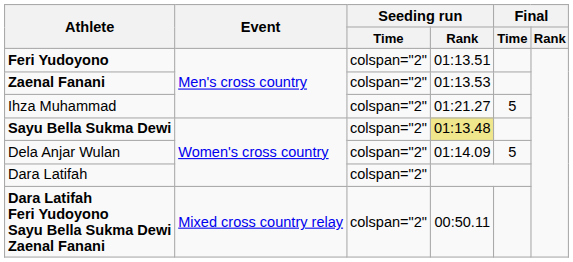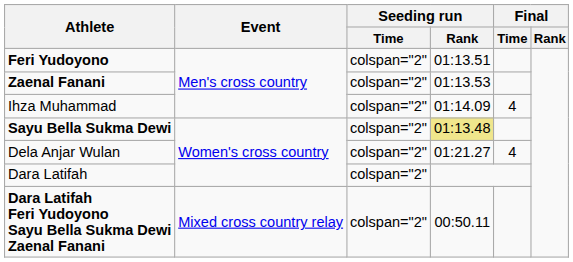 <table class="wikitable" style="font-size:85%">
 <tr>
 <th rowspan="2">Athlete</th>
 <th rowspan="2">Event</th>
 <th colspan="2">Seeding run</th>
 <th colspan="2">Final</th>
 </tr>
 <tr style="font-size:90%">
 <th>Time</th>
 <th>Rank</th>
 <th>Time</th>
 <th>Rank</th>
 </tr>
 <tr align="center">
 <td align="left"><strong>Feri Yudoyono</strong></td>
 <td align="left" rowspan="3"><a href='#'>Men's cross country</a></td>
 <td>colspan="2" </td>
 <td>01:13.51</td>
 <td></td>
 </tr>
 <tr align="center">
 <td align="left"><strong>Zaenal Fanani</strong></td>
 <td>colspan="2" </td>
 <td>01:13.53</td>
 <td></td>
 </tr>
 <tr align="center">
 <td align="left">Ihza Muhammad</td>
 <td>colspan="2" </td>
-<td>01:21.27</td>
-<td>5</td>
+<td>01:14.09</td>
+<td>4</td>
 </tr>
 <tr align="center">
 <td align="left"><strong>Sayu Bella Sukma Dewi</strong></td>
 <td align="left" rowspan="3"><a href='#'>Women's cross country</a></td>
 <td>colspan="2" </td>
 <td style="background: khaki;">01:13.48</td>
 <td></td>
 </tr>
 <tr align="center">
 <td align="left">Dela Anjar Wulan</td>
 <td>colspan="2" </td>
-<td>01:14.09</td>
-<td>5</td>
+<td>01:21.27</td>
+<td>4</td>
 </tr>
 <tr align="center">
 <td align="left">Dara Latifah</td>
 <td>colspan="2" </td>
 <td colspan="2"></td>
 </tr>
 <tr align="center">
 <td align="left"><strong>Dara Latifah<br>Feri Yudoyono<br>Sayu Bella Sukma Dewi<br>Zaenal Fanani</strong></td>
 <td align="left" rowspan="3"><a href='#'>Mixed cross country relay</a></td>
 <td>colspan="2" </td>
 <td>00:50.11</td>
 <td></td>
 </tr>
 </table>
